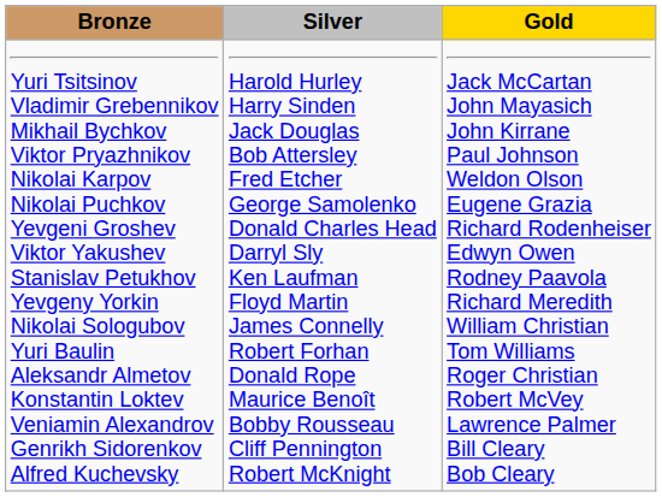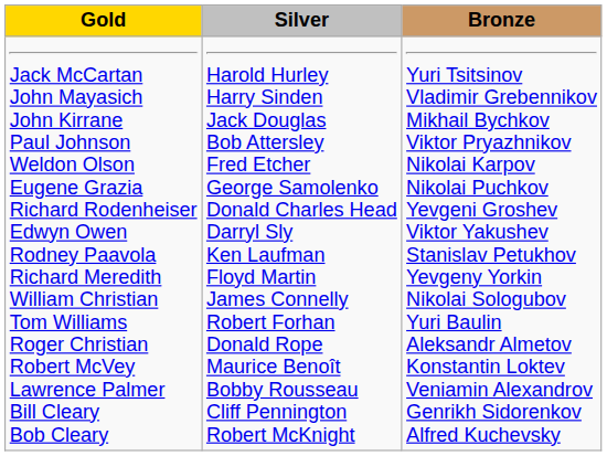 <table class="wikitable">
 <tr>
+<th style="background-color:gold;">Gold</th>
+<th style="background-color:silver;">Silver</th>
 <th style="background-color:#cc9966;">Bronze</th>
-<th style="background-color:silver;">Silver</th>
-<th style="background-color:gold;">Gold</th>
 </tr>
 <tr valign=top>
+<td><hr> <a href='#'>Jack McCartan</a><br> <a href='#'>John Mayasich</a><br> <a href='#'>John Kirrane</a><br> <a href='#'>Paul Johnson</a><br> <a href='#'>Weldon Olson</a><br> <a href='#'>Eugene Grazia</a><br> <a href='#'>Richard Rodenheiser</a><br> <a href='#'>Edwyn Owen</a><br> <a href='#'>Rodney Paavola</a><br> <a href='#'>Richard Meredith</a><br> <a href='#'>William Christian</a><br> <a href='#'>Tom Williams</a><br> <a href='#'>Roger Christian</a><br> <a href='#'>Robert McVey</a><br> <a href='#'>Lawrence Palmer</a><br> <a href='#'>Bill Cleary</a><br> <a href='#'>Bob Cleary</a><br></td>
+<td><hr> <a href='#'>Harold Hurley</a><br> <a href='#'>Harry Sinden</a><br> <a href='#'>Jack Douglas</a><br> <a href='#'>Bob Attersley</a><br> <a href='#'>Fred Etcher</a><br> <a href='#'>George Samolenko</a><br> <a href='#'>Donald Charles Head</a><br> <a href='#'>Darryl Sly</a><br> <a href='#'>Ken Laufman</a><br> <a href='#'>Floyd Martin</a><br> <a href='#'>James Connelly</a><br> <a href='#'>Robert Forhan</a><br> <a href='#'>Donald Rope</a><br> <a href='#'>Maurice Benoît</a><br> <a href='#'>Bobby Rousseau</a><br> <a href='#'>Cliff Pennington</a><br> <a href='#'>Robert McKnight</a></td>
 <td><hr> <a href='#'>Yuri Tsitsinov</a><br> <a href='#'>Vladimir Grebennikov</a><br> <a href='#'>Mikhail Bychkov</a><br> <a href='#'>Viktor Pryazhnikov</a><br><a href='#'>Nikolai Karpov</a><br> <a href='#'>Nikolai Puchkov</a><br> <a href='#'>Yevgeni Groshev</a><br> <a href='#'>Viktor Yakushev</a><br> <a href='#'>Stanislav Petukhov</a><br> <a href='#'>Yevgeny Yorkin</a><br> <a href='#'>Nikolai Sologubov</a><br> <a href='#'>Yuri Baulin</a><br> <a href='#'>Aleksandr Almetov</a><br> <a href='#'>Konstantin Loktev</a><br> <a href='#'>Veniamin Alexandrov</a><br> <a href='#'>Genrikh Sidorenkov</a><br> <a href='#'>Alfred Kuchevsky</a></td>
-<td><hr> <a href='#'>Harold Hurley</a><br> <a href='#'>Harry Sinden</a><br> <a href='#'>Jack Douglas</a><br> <a href='#'>Bob Attersley</a><br> <a href='#'>Fred Etcher</a><br> <a href='#'>George Samolenko</a><br> <a href='#'>Donald Charles Head</a><br> <a href='#'>Darryl Sly</a><br> <a href='#'>Ken Laufman</a><br> <a href='#'>Floyd Martin</a><br> <a href='#'>James Connelly</a><br> <a href='#'>Robert Forhan</a><br> <a href='#'>Donald Rope</a><br> <a href='#'>Maurice Benoît</a><br> <a href='#'>Bobby Rousseau</a><br> <a href='#'>Cliff Pennington</a><br> <a href='#'>Robert McKnight</a></td>
-<td><hr> <a href='#'>Jack McCartan</a><br> <a href='#'>John Mayasich</a><br> <a href='#'>John Kirrane</a><br> <a href='#'>Paul Johnson</a><br> <a href='#'>Weldon Olson</a><br> <a href='#'>Eugene Grazia</a><br> <a href='#'>Richard Rodenheiser</a><br> <a href='#'>Edwyn Owen</a><br> <a href='#'>Rodney Paavola</a><br> <a href='#'>Richard Meredith</a><br> <a href='#'>William Christian</a><br> <a href='#'>Tom Williams</a><br> <a href='#'>Roger Christian</a><br> <a href='#'>Robert McVey</a><br> <a href='#'>Lawrence Palmer</a><br> <a href='#'>Bill Cleary</a><br> <a href='#'>Bob Cleary</a><br></td>
 </tr>
 </table>
